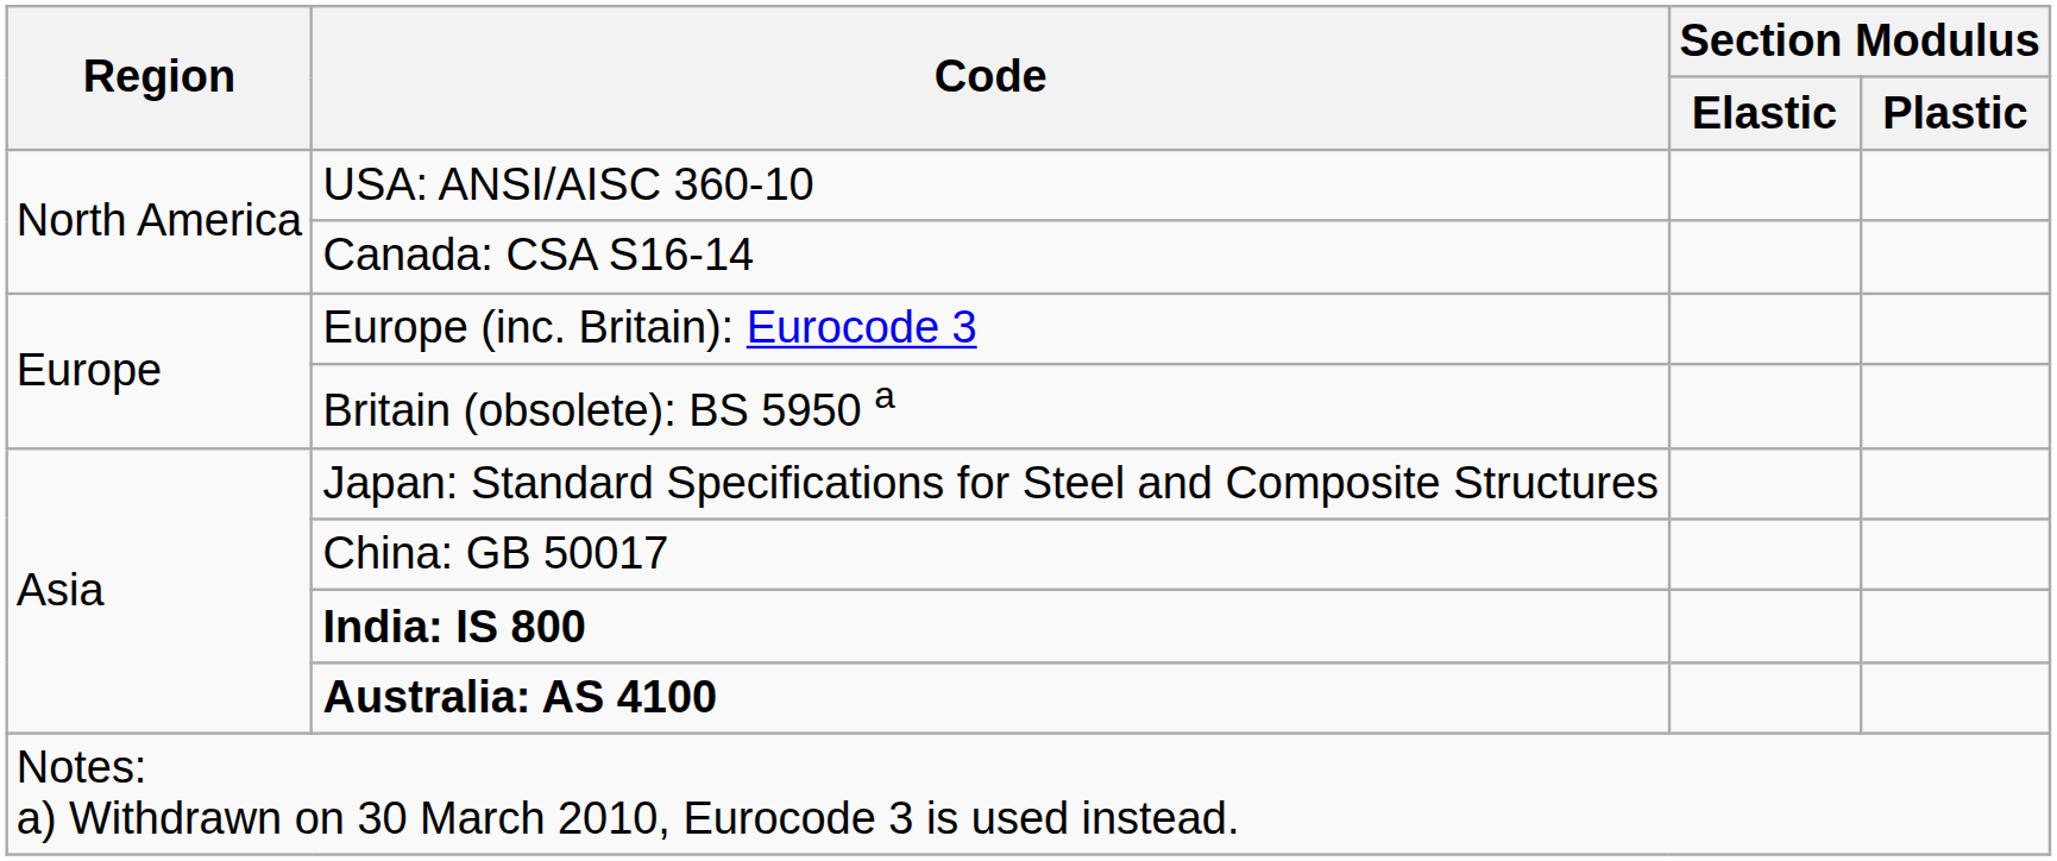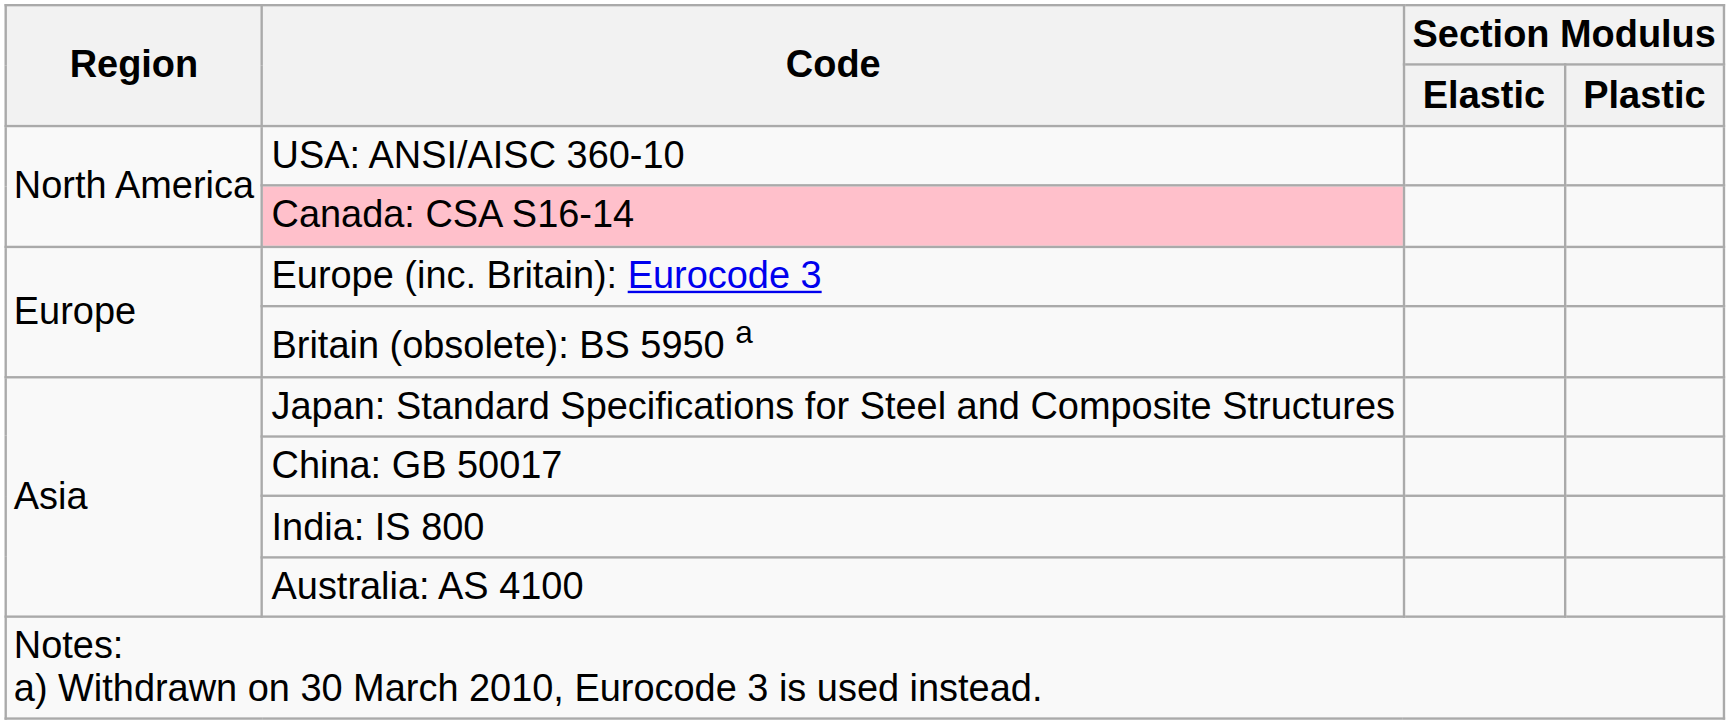 <table class="wikitable"style="margin-left:auto; margin-right:auto;">
 <tr>
 <th rowspan="2">Region</th>
 <th rowspan="2">Code</th>
 <th colspan="2">Section Modulus</th>
 </tr>
 <tr>
 <th>Elastic</th>
 <th>Plastic</th>
 </tr>
 <tr>
 <td rowspan="2">North America</td>
 <td>USA:  ANSI/AISC 360-10</td>
 <td></td>
 <td></td>
 </tr>
 <tr>
-<td>Canada: CSA S16-14</td>
+<td style="background: pink;">Canada: CSA S16-14</td>
 <td></td>
 <td></td>
 </tr>
 <tr>
 <td rowspan="2">Europe</td>
 <td>Europe (inc. Britain): <a href='#'>Eurocode 3</a></td>
 <td></td>
 <td></td>
 </tr>
 <tr>
 <td>Britain (obsolete): BS 5950 <sup>a</sup> </td>
 <td></td>
 <td></td>
 </tr>
 <tr>
 <td rowspan="4">Asia</td>
 <td>Japan: Standard Specifications for Steel and Composite Structures</td>
 <td></td>
 <td></td>
 </tr>
 <tr>
 <td>China: GB 50017</td>
 <td></td>
 <td></td>
 </tr>
 <tr>
-<td><strong>India: IS 800</strong></td>
+<td>India: IS 800</td>
 <td></td>
 <td></td>
 </tr>
 <tr>
-<td><strong>Australia: AS 4100</strong></td>
+<td>Australia: AS 4100</td>
 <td></td>
 <td></td>
 </tr>
 <tr>
 <td colspan="4">Notes:<br>a) Withdrawn on 30 March 2010, Eurocode 3 is used instead.</td>
 </tr>
 </table>
